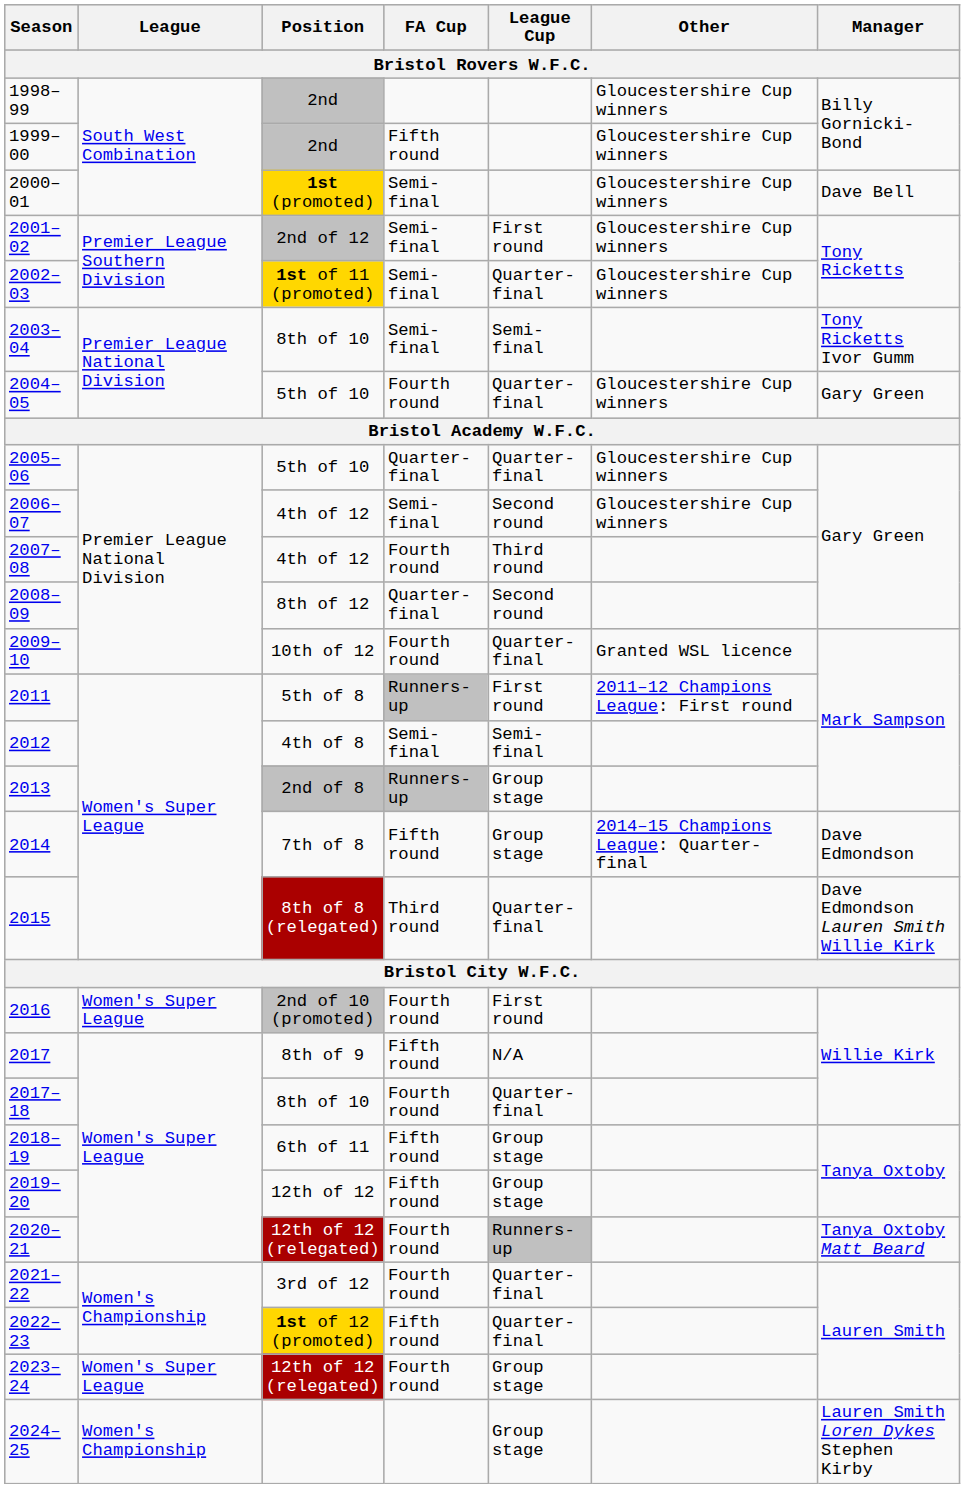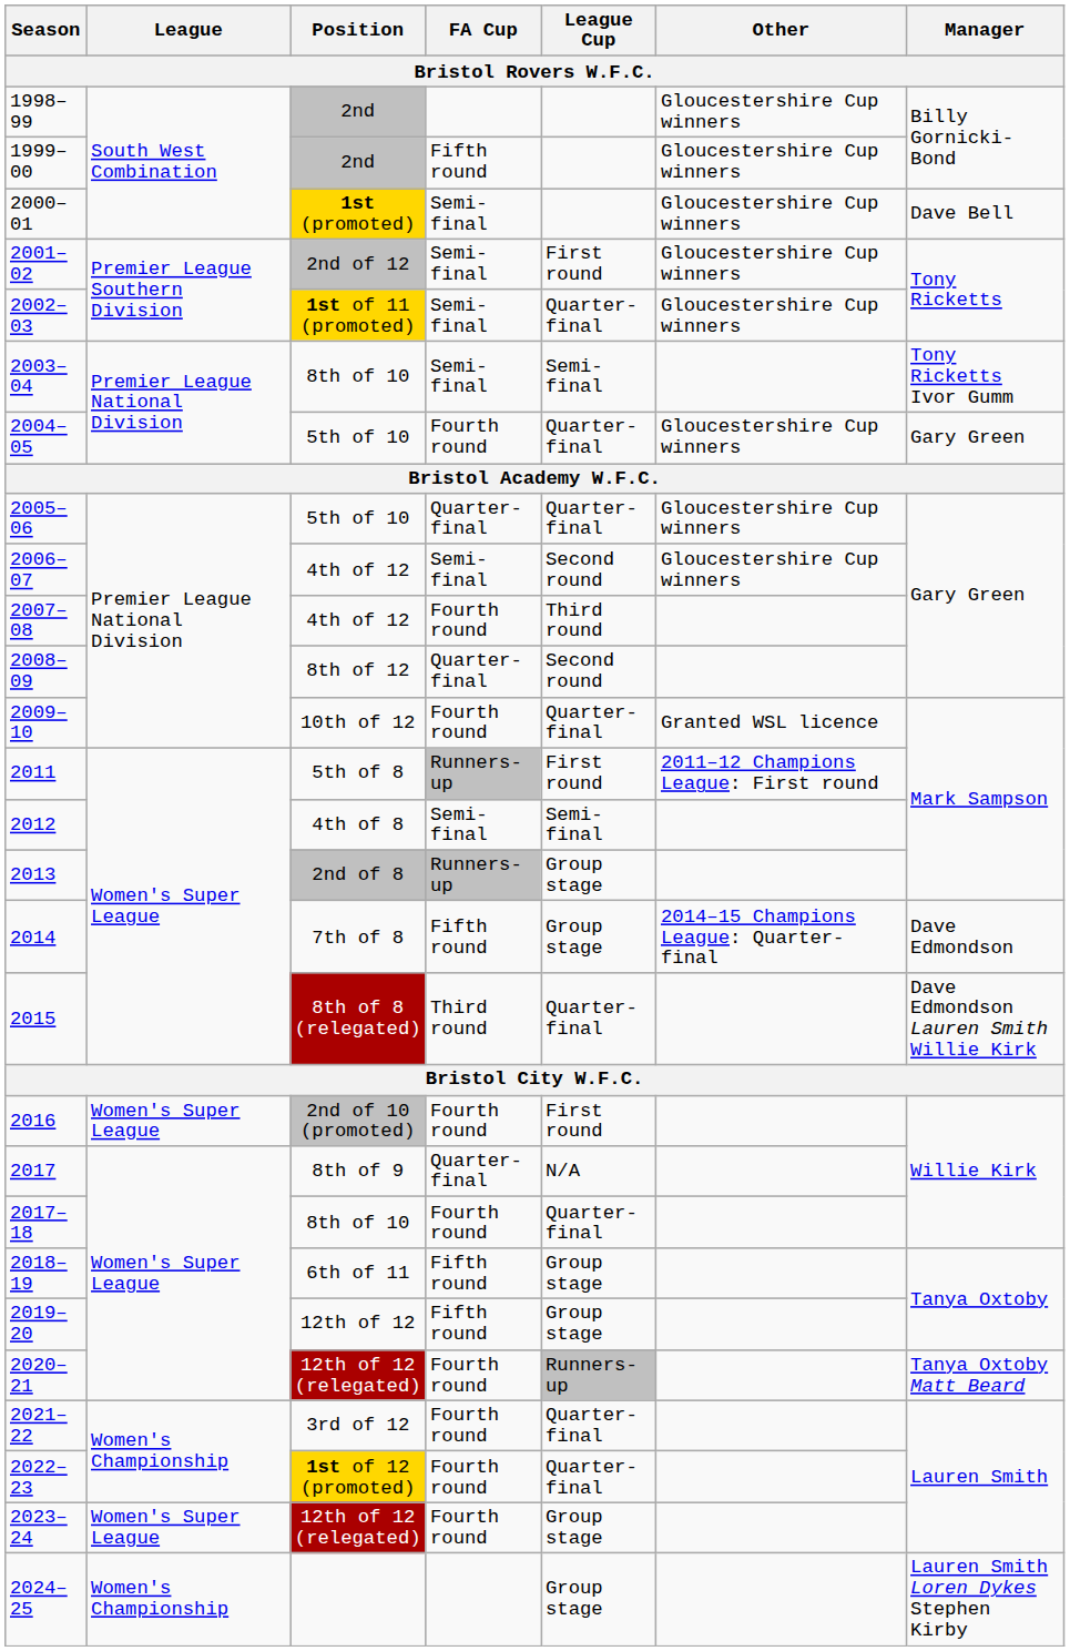 <table class="wikitable" style="font-size:85%;">
 <tr>
 <th>Season</th>
 <th>League</th>
 <th>Position</th>
 <th>FA Cup</th>
 <th>League Cup</th>
 <th>Other</th>
 <th>Manager</th>
 </tr>
 <tr>
 <th colspan="7">Bristol Rovers W.F.C.</th>
 </tr>
 <tr>
 <td>1998–99</td>
 <td rowspan="3"><a href='#'>South West Combination</a></td>
 <td style="background:silver; text-align:center;">2nd</td>
 <td></td>
 <td></td>
 <td>Gloucestershire Cup winners</td>
 <td rowspan="2">Billy Gornicki-Bond</td>
 </tr>
 <tr>
 <td>1999–00</td>
 <td style="background:silver; text-align:center;">2nd</td>
 <td>Fifth round</td>
 <td></td>
 <td>Gloucestershire Cup winners</td>
 </tr>
 <tr>
 <td>2000–01</td>
 <td style="background:gold; text-align:center;"><strong>1st</strong><br>(promoted)</td>
 <td>Semi-final</td>
 <td></td>
 <td>Gloucestershire Cup winners</td>
 <td>Dave Bell</td>
 </tr>
 <tr>
 <td><a href='#'>2001–02</a></td>
 <td rowspan="2"><a href='#'>Premier League Southern Division</a></td>
 <td style="background:silver; text-align:center;">2nd of 12</td>
 <td>Semi-final</td>
 <td>First round</td>
 <td>Gloucestershire Cup winners</td>
 <td rowspan="2"><a href='#'>Tony Ricketts</a></td>
 </tr>
 <tr>
 <td><a href='#'>2002–03</a></td>
 <td style="background:gold; text-align:center;"><strong>1st</strong> of 11<br>(promoted)</td>
 <td>Semi-final</td>
 <td>Quarter-final</td>
 <td>Gloucestershire Cup winners</td>
 </tr>
 <tr>
 <td><a href='#'>2003–04</a></td>
 <td rowspan="2"><a href='#'>Premier League National Division</a></td>
 <td style="text-align:center;">8th of 10</td>
 <td>Semi-final</td>
 <td>Semi-final</td>
 <td></td>
 <td><a href='#'>Tony Ricketts</a><br>Ivor Gumm</td>
 </tr>
 <tr>
 <td><a href='#'>2004–05</a></td>
 <td style="text-align:center;">5th of 10</td>
 <td>Fourth round</td>
 <td>Quarter-final</td>
 <td>Gloucestershire Cup winners</td>
 <td>Gary Green</td>
 </tr>
 <tr>
 <th colspan="7">Bristol Academy W.F.C.</th>
 </tr>
 <tr>
 <td><a href='#'>2005–06</a></td>
 <td rowspan="5">Premier League National Division</td>
 <td style="text-align:center;">5th of 10</td>
 <td>Quarter-final</td>
 <td>Quarter-final</td>
 <td>Gloucestershire Cup winners</td>
 <td rowspan=4>Gary Green</td>
 </tr>
 <tr>
 <td><a href='#'>2006–07</a></td>
 <td style="text-align:center;">4th of 12</td>
 <td>Semi-final</td>
 <td>Second round</td>
 <td>Gloucestershire Cup winners</td>
 </tr>
 <tr>
 <td><a href='#'>2007–08</a></td>
 <td style="text-align:center;">4th of 12</td>
 <td>Fourth round</td>
 <td>Third round</td>
 <td></td>
 </tr>
 <tr>
 <td><a href='#'>2008–09</a></td>
 <td style="text-align:center;">8th of 12</td>
 <td>Quarter-final</td>
 <td>Second round</td>
 <td></td>
 </tr>
 <tr>
 <td><a href='#'>2009–10</a></td>
 <td style="text-align:center;">10th of 12</td>
 <td>Fourth round</td>
 <td>Quarter-final</td>
 <td>Granted WSL licence</td>
 <td rowspan="4"><a href='#'>Mark Sampson</a></td>
 </tr>
 <tr>
 <td><a href='#'>2011</a></td>
 <td rowspan="5"><a href='#'>Women's Super League</a></td>
 <td style="text-align:center;">5th of 8</td>
 <td style="background:silver;">Runners-up</td>
 <td>First round</td>
 <td><a href='#'>2011–12 Champions League</a>: First round</td>
 </tr>
 <tr>
 <td><a href='#'>2012</a></td>
 <td style="text-align:center;">4th of 8</td>
 <td>Semi-final</td>
 <td>Semi-final</td>
 <td></td>
 </tr>
 <tr>
 <td><a href='#'>2013</a></td>
 <td style="background:silver; text-align:center;">2nd of 8</td>
 <td style="background:silver;">Runners-up</td>
 <td>Group stage</td>
 <td></td>
 </tr>
 <tr>
 <td><a href='#'>2014</a></td>
 <td style="text-align:center;">7th of 8</td>
 <td>Fifth round</td>
 <td>Group stage</td>
 <td><a href='#'>2014–15 Champions League</a>: Quarter-final</td>
 <td>Dave Edmondson</td>
 </tr>
 <tr>
 <td><a href='#'>2015</a></td>
 <td style="background:#AA0000; color:white; text-align:center;">8th of 8<br>(relegated)</td>
 <td>Third round</td>
 <td>Quarter-final</td>
 <td></td>
 <td>Dave Edmondson<br><em>Lauren Smith</em><br><a href='#'>Willie Kirk</a></td>
 </tr>
 <tr>
 <th colspan="7">Bristol City W.F.C.</th>
 </tr>
 <tr>
 <td><a href='#'>2016</a></td>
 <td><a href='#'>Women's Super League</a></td>
 <td style="background:silver; text-align:center;">2nd of 10<br>(promoted)</td>
 <td>Fourth round</td>
 <td>First round</td>
 <td></td>
 <td rowspan="3"><a href='#'>Willie Kirk</a></td>
 </tr>
 <tr>
 <td><a href='#'>2017</a></td>
 <td rowspan="5"><a href='#'>Women's Super League</a></td>
 <td style="text-align:center;">8th of 9</td>
-<td>Fifth round</td>
+<td>Quarter-final</td>
 <td>N/A</td>
 <td></td>
 </tr>
 <tr>
 <td><a href='#'>2017–18</a></td>
 <td style="text-align:center;">8th of 10</td>
 <td>Fourth round</td>
 <td>Quarter-final</td>
 <td></td>
 </tr>
 <tr>
 <td><a href='#'>2018–19</a></td>
 <td style="text-align:center;">6th of 11</td>
 <td>Fifth round</td>
 <td>Group stage</td>
 <td></td>
 <td rowspan="2"><a href='#'>Tanya Oxtoby</a></td>
 </tr>
 <tr>
 <td><a href='#'>2019–20</a></td>
 <td style="text-align:center;">12th of 12</td>
 <td>Fifth round</td>
 <td>Group stage</td>
 <td></td>
 </tr>
 <tr>
 <td><a href='#'>2020–21</a></td>
 <td style="background:#AA0000; color:white; text-align:center;">12th of 12<br>(relegated)</td>
 <td>Fourth round</td>
 <td style="background:silver;">Runners-up</td>
 <td></td>
 <td><a href='#'>Tanya Oxtoby</a><br><em><a href='#'>Matt Beard</a></em></td>
 </tr>
 <tr>
 <td><a href='#'>2021–22</a></td>
 <td rowspan="2"><a href='#'>Women's Championship</a></td>
 <td style="text-align:center;">3rd of 12</td>
 <td>Fourth round</td>
 <td>Quarter-final</td>
 <td></td>
 <td rowspan="3"><a href='#'>Lauren Smith</a></td>
 </tr>
 <tr>
 <td><a href='#'>2022–23</a></td>
 <td style="background:gold; text-align:center;"><strong>1st</strong> of 12<br>(promoted)</td>
-<td>Fifth round</td>
+<td>Fourth round</td>
 <td>Quarter-final</td>
 <td></td>
 </tr>
 <tr>
 <td><a href='#'>2023–24</a></td>
 <td><a href='#'>Women's Super League</a></td>
 <td style="background:#AA0000; color:white; text-align:center;">12th of 12<br>(relegated)</td>
 <td>Fourth round</td>
 <td>Group stage</td>
 <td></td>
 </tr>
 <tr>
 <td><a href='#'>2024–25</a></td>
 <td><a href='#'>Women's Championship</a></td>
 <td></td>
 <td></td>
 <td>Group stage</td>
 <td></td>
 <td><a href='#'>Lauren Smith</a><br><em><a href='#'>Loren Dykes</a></em> Stephen Kirby</td>
 </tr>
 </table>
